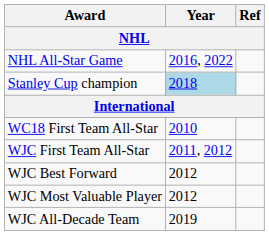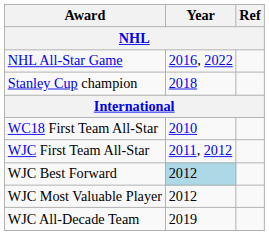 <table class="wikitable">
 <tr>
 <th>Award</th>
 <th>Year</th>
 <th>Ref</th>
 </tr>
 <tr>
 <th colspan="3"><a href='#'>NHL</a></th>
 </tr>
 <tr>
 <td><a href='#'>NHL All-Star Game</a></td>
 <td><a href='#'>2016</a>, <a href='#'>2022</a></td>
 <td></td>
 </tr>
 <tr>
 <td><a href='#'>Stanley Cup</a> champion</td>
-<td style="background: lightblue;"><a href='#'>2018</a></td>
+<td><a href='#'>2018</a></td>
 <td></td>
 </tr>
 <tr>
 <th colspan="3"><a href='#'>International</a></th>
 </tr>
 <tr>
 <td><a href='#'>WC18</a> First Team All-Star</td>
 <td><a href='#'>2010</a></td>
 <td></td>
 </tr>
 <tr>
 <td><a href='#'>WJC</a> First Team All-Star</td>
 <td><a href='#'>2011</a>, <a href='#'>2012</a></td>
 <td></td>
 </tr>
 <tr>
 <td>WJC Best Forward</td>
-<td>2012</td>
+<td style="background: lightblue;">2012</td>
 <td></td>
 </tr>
 <tr>
 <td>WJC Most Valuable Player</td>
 <td>2012</td>
 <td></td>
 </tr>
 <tr>
 <td>WJC All-Decade Team</td>
 <td>2019</td>
 <td></td>
 </tr>
 </table>
